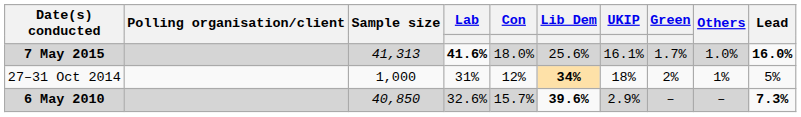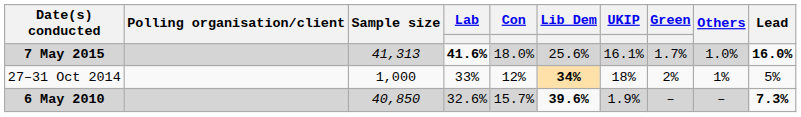 <table class="wikitable sortable" style="text-align:center;font-size:90%;line-height:14px">
 <tr>
 <th rowspan="2">Date(s)<br>conducted</th>
 <th rowspan="2">Polling organisation/client</th>
 <th rowspan="2">Sample size</th>
 <th><a href='#'>Lab</a></th>
 <th><a href='#'>Con</a></th>
 <th><a href='#'>Lib Dem</a></th>
 <th><a href='#'>UKIP</a></th>
 <th><a href='#'>Green</a></th>
 <th rowspan="2" class="unsortable"><a href='#'>Others</a></th>
 <th rowspan="2" class="unsortable">Lead</th>
 </tr>
 <tr>
 <th ! class="unsortable" style="background:"></th>
 <th class="unsortable" style="background:"></th>
 <th class="unsortable" style="background:"></th>
 <th class="unsortable" style="background:"></th>
 <th class="unsortable" style="background:"></th>
 </tr>
 <tr>
 <td style="background:#D5D5D5"><strong>7 May 2015</strong></td>
 <td style="background:#D5D5D5"></td>
 <td style="background:#D5D5D5"><em>41,313</em></td>
 <td style="background:"><strong>41.6%</strong></td>
 <td style="background:#D5D5D5">18.0%</td>
 <td style="background:#D5D5D5">25.6%</td>
 <td style="background:#D5D5D5">16.1%</td>
 <td style="background:#D5D5D5">1.7%</td>
 <td style="background:#D5D5D5">1.0%</td>
 <td style="background:"><strong>16.0% </strong></td>
 </tr>
 <tr>
 <td>27–31 Oct 2014</td>
 <td></td>
 <td>1,000</td>
-<td>31%</td>
+<td>33%</td>
 <td>12%</td>
 <td style="background:#FEE1A8"><strong>34%</strong></td>
 <td>18%</td>
 <td>2%</td>
 <td>1%</td>
 <td style="background:">5%</td>
 </tr>
 <tr>
 <td style="background:#D5D5D5"><strong>6 May 2010</strong></td>
 <td style="background:#D5D5D5"></td>
 <td style="background:#D5D5D5"><em>40,850</em></td>
 <td style="background:#D5D5D5">32.6%</td>
 <td style="background:#D5D5D5">15.7%</td>
 <td style="background:"><strong>39.6%</strong></td>
-<td style="background:#D5D5D5">2.9%</td>
+<td style="background:#D5D5D5">1.9%</td>
 <td style="background:#D5D5D5">–</td>
 <td style="background:#D5D5D5">–</td>
 <td style="background:"><strong>7.3% </strong></td>
 </tr>
 </table>
